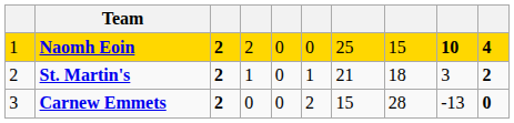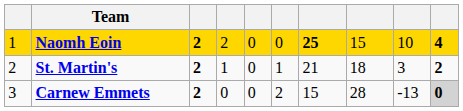 <table class="wikitable" style="text-align: centre;">
 <tr>
 <th width=20></th>
 <th width=150>Team</th>
 <th width=20></th>
 <th width=20></th>
 <th width=20></th>
 <th width=20></th>
 <th width=40></th>
 <th width=40></th>
 <th width=30></th>
 <th width=20></th>
 </tr>
 <tr style="background:gold;">
 <td>1</td>
 <td align=left><strong><a href='#'>Naomh Eoin</a></strong></td>
 <td><strong>2</strong></td>
 <td>2</td>
 <td>0</td>
 <td>0</td>
-<td>25</td>
+<td><strong>25</strong></td>
 <td>15</td>
-<td><strong>10</strong></td>
+<td>10</td>
 <td><strong>4</strong></td>
 </tr>
 <tr>
 <td>2</td>
 <td align=left><strong><a href='#'>St. Martin's</a></strong></td>
 <td><strong>2</strong></td>
 <td>1</td>
 <td>0</td>
 <td>1</td>
 <td>21</td>
 <td>18</td>
 <td>3</td>
 <td><strong>2</strong></td>
 </tr>
 <tr>
 <td>3</td>
 <td align=left><strong><a href='#'>Carnew Emmets</a></strong></td>
 <td><strong>2</strong></td>
 <td>0</td>
 <td>0</td>
 <td>2</td>
 <td>15</td>
 <td>28</td>
 <td>-13</td>
-<td><strong>0</strong></td>
+<td style="background: lightgrey;"><strong>0</strong></td>
 </tr>
 </table>
